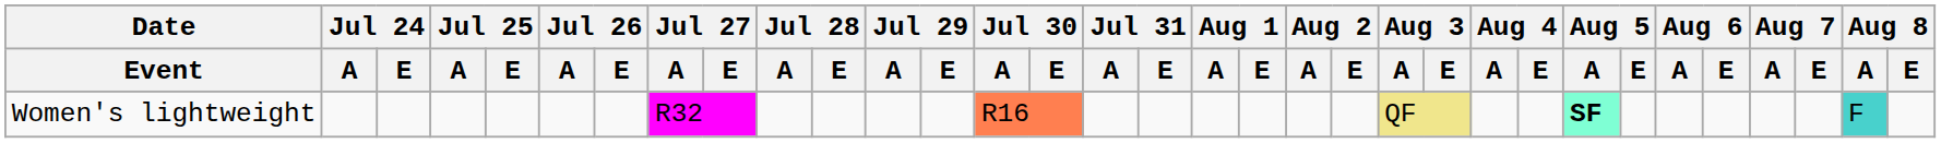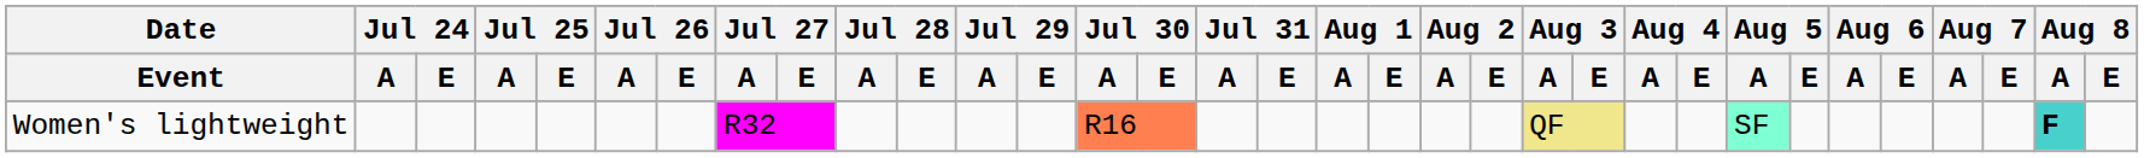 <table class="wikitable olympic-schedule Boxing">
 <tr>
 <th>Date</th>
 <th colspan="2">Jul 24</th>
 <th colspan="2">Jul 25</th>
 <th colspan="2">Jul 26</th>
 <th colspan="2">Jul 27</th>
 <th colspan="2">Jul 28</th>
 <th colspan="2">Jul 29</th>
 <th colspan="2">Jul 30</th>
 <th colspan="2">Jul 31</th>
 <th colspan="2">Aug 1</th>
 <th colspan="2">Aug 2</th>
 <th colspan="2">Aug 3</th>
 <th colspan="2">Aug 4</th>
 <th colspan="2">Aug 5</th>
 <th colspan="2">Aug 6</th>
 <th colspan="2">Aug 7</th>
 <th colspan="2">Aug 8</th>
 </tr>
 <tr>
 <th>Event</th>
 <th>A</th>
 <th>E</th>
 <th>A</th>
 <th>E</th>
 <th>A</th>
 <th>E</th>
 <th>A</th>
 <th>E</th>
 <th>A</th>
 <th>E</th>
 <th>A</th>
 <th>E</th>
 <th>A</th>
 <th>E</th>
 <th>A</th>
 <th>E</th>
 <th>A</th>
 <th>E</th>
 <th>A</th>
 <th>E</th>
 <th>A</th>
 <th>E</th>
 <th>A</th>
 <th>E</th>
 <th>A</th>
 <th>E</th>
 <th>A</th>
 <th>E</th>
 <th>A</th>
 <th>E</th>
 <th>A</th>
 <th>E</th>
 </tr>
 <tr>
 <td class="event">Women's lightweight</td>
 <td></td>
 <td></td>
 <td></td>
 <td></td>
 <td></td>
 <td></td>
 <td colspan="2" bgcolor="#FF00FF" class="roundof32">R32</td>
 <td></td>
 <td></td>
 <td></td>
 <td></td>
 <td colspan="2" bgcolor="#FF7F50" class="roundof16">R16</td>
 <td></td>
 <td></td>
 <td></td>
 <td></td>
 <td></td>
 <td></td>
 <td colspan="2" bgcolor="#F0E68C" class="quarterfinals">QF</td>
 <td></td>
 <td></td>
-<td bgcolor="#7FFFD4" class="semifinals"><strong>SF</strong></td>
+<td bgcolor="#7FFFD4" class="semifinals">SF</td>
 <td></td>
 <td></td>
 <td></td>
 <td></td>
 <td></td>
-<td bgcolor="#48D1CC" class="final">F</td>
+<td bgcolor="#48D1CC" class="final"><strong>F</strong></td>
 <td></td>
 </tr>
 </table>
